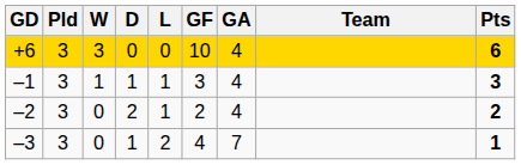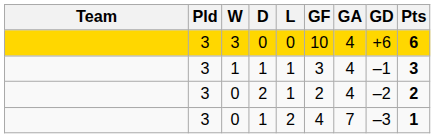 <table class="wikitable" style="text-align:center;">
 <tr>
-<th width=20 abbr="Goal difference">GD</th>
+<th width=175>Team</th>
 <th width=20 abbr="Played">Pld</th>
 <th width=20 abbr="Won">W</th>
 <th width=20 abbr="Drawn">D</th>
 <th width=20 abbr="Lost">L</th>
 <th width=20 abbr="Goals for">GF</th>
 <th width=20 abbr="Goals against">GA</th>
-<th width=175>Team</th>
+<th width=20 abbr="Goal difference">GD</th>
 <th width=20 abbr="Points">Pts</th>
 </tr>
 <tr bgcolor=gold>
-<td>+6</td>
+<td align=left></td>
 <td>3</td>
 <td>3</td>
 <td>0</td>
 <td>0</td>
 <td>10</td>
 <td>4</td>
-<td align=left></td>
+<td>+6</td>
 <td><strong>6</strong></td>
 </tr>
 <tr>
-<td>–1</td>
+<td align=left></td>
 <td>3</td>
 <td>1</td>
 <td>1</td>
 <td>1</td>
 <td>3</td>
 <td>4</td>
-<td align=left></td>
+<td>–1</td>
 <td><strong>3</strong></td>
 </tr>
 <tr>
-<td>–2</td>
+<td align=left></td>
 <td>3</td>
 <td>0</td>
 <td>2</td>
 <td>1</td>
 <td>2</td>
 <td>4</td>
-<td align=left></td>
+<td>–2</td>
 <td><strong>2</strong></td>
 </tr>
 <tr>
-<td>–3</td>
+<td align=left></td>
 <td>3</td>
 <td>0</td>
 <td>1</td>
 <td>2</td>
 <td>4</td>
 <td>7</td>
-<td align=left></td>
+<td>–3</td>
 <td><strong>1</strong></td>
 </tr>
 </table>
